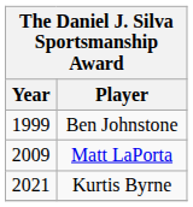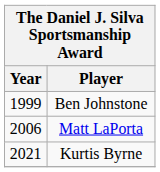 <table class="wikitable" style="display: inline-table; margin-right: 20px; text-align:center">
 <tr>
 <th scope="col" colspan="2" style="width: 145px;">The Daniel J. Silva Sportsmanship Award</th>
 </tr>
 <tr>
 <th scope="col">Year</th>
 <th scope="col">Player</th>
 </tr>
 <tr>
 <td>1999</td>
 <td>Ben Johnstone</td>
 </tr>
 <tr>
-<td>2009</td>
+<td>2006</td>
 <td><a href='#'>Matt LaPorta</a></td>
 </tr>
 <tr>
 <td>2021</td>
 <td>Kurtis Byrne</td>
 </tr>
 <tr>
 </tr>
 </table>
